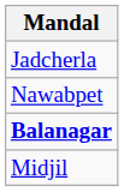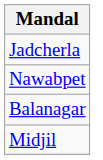 <table class="wikitable sortable static-row-numbers static-row-header-hash">
 <tr>
 <th>Mandal</th>
 </tr>
 <tr>
 <td><a href='#'>Jadcherla</a></td>
 </tr>
 <tr>
 <td><a href='#'>Nawabpet</a></td>
 </tr>
 <tr>
-<td><strong><a href='#'>Balanagar</a></strong></td>
+<td><a href='#'>Balanagar</a></td>
 </tr>
 <tr>
 <td><a href='#'>Midjil</a></td>
 </tr>
 <tr Rajapur>
 </tr>
 </table>
